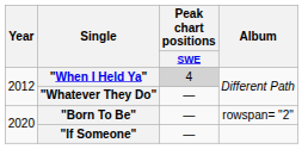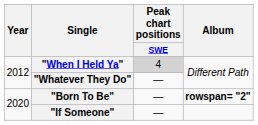 <table class="wikitable plainrowheaders" style="text-align:center;">
 <tr>
 <th scope="col" rowspan="2">Year</th>
 <th scope="col" rowspan="2">Single</th>
 <th scope="col">Peak chart positions</th>
 <th scope="col" rowspan="2">Album</th>
 </tr>
 <tr>
 <th scope="col" style="width:3em;font-size:85%;"><a href='#'>SWE</a><br></th>
 </tr>
 <tr>
 <td rowspan= "2">2012</td>
 <th scope="row">"<a href='#'>When I Held Ya</a>"</th>
 <td style="background: lightgrey;">4</td>
 <td rowspan= "2"><em>Different Path</em></td>
 </tr>
 <tr>
 <th scope="row">"Whatever They Do"</th>
 <td>—</td>
 </tr>
 <tr>
 <td rowspan="2">2020</td>
 <th scope="row">"Born To Be"</th>
 <td>—</td>
-<td>rowspan= "2" </td>
+<td><strong>rowspan= "2" </strong></td>
 </tr>
 <tr>
 <th scope="row">"If Someone"</th>
 <td>—</td>
 </tr>
 </table>
